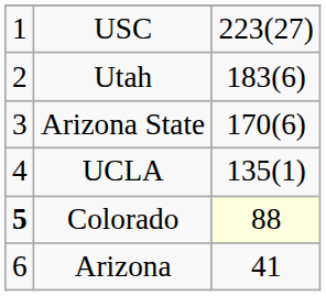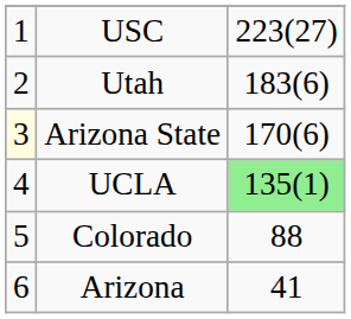 <table class="wikitable" style="display: inline-table;">
 <tr align="center">
 </tr>
 <tr align="center">
 <td>1</td>
 <td>USC</td>
 <td>223(27)</td>
 </tr>
 <tr align="center">
 <td>2</td>
 <td>Utah</td>
 <td>183(6)</td>
 </tr>
 <tr align="center">
-<td>3</td>
+<td style="background: lightyellow;">3</td>
 <td>Arizona State</td>
 <td>170(6)</td>
 </tr>
 <tr align="center">
 <td>4</td>
 <td>UCLA</td>
-<td>135(1)</td>
+<td style="background: lightgreen;">135(1)</td>
 </tr>
 <tr align="center">
-<td><strong>5</strong></td>
+<td>5</td>
 <td>Colorado</td>
-<td style="background: lightyellow;">88</td>
+<td>88</td>
 </tr>
 <tr align="center">
 <td>6</td>
 <td>Arizona</td>
 <td>41</td>
 </tr>
 </table>
